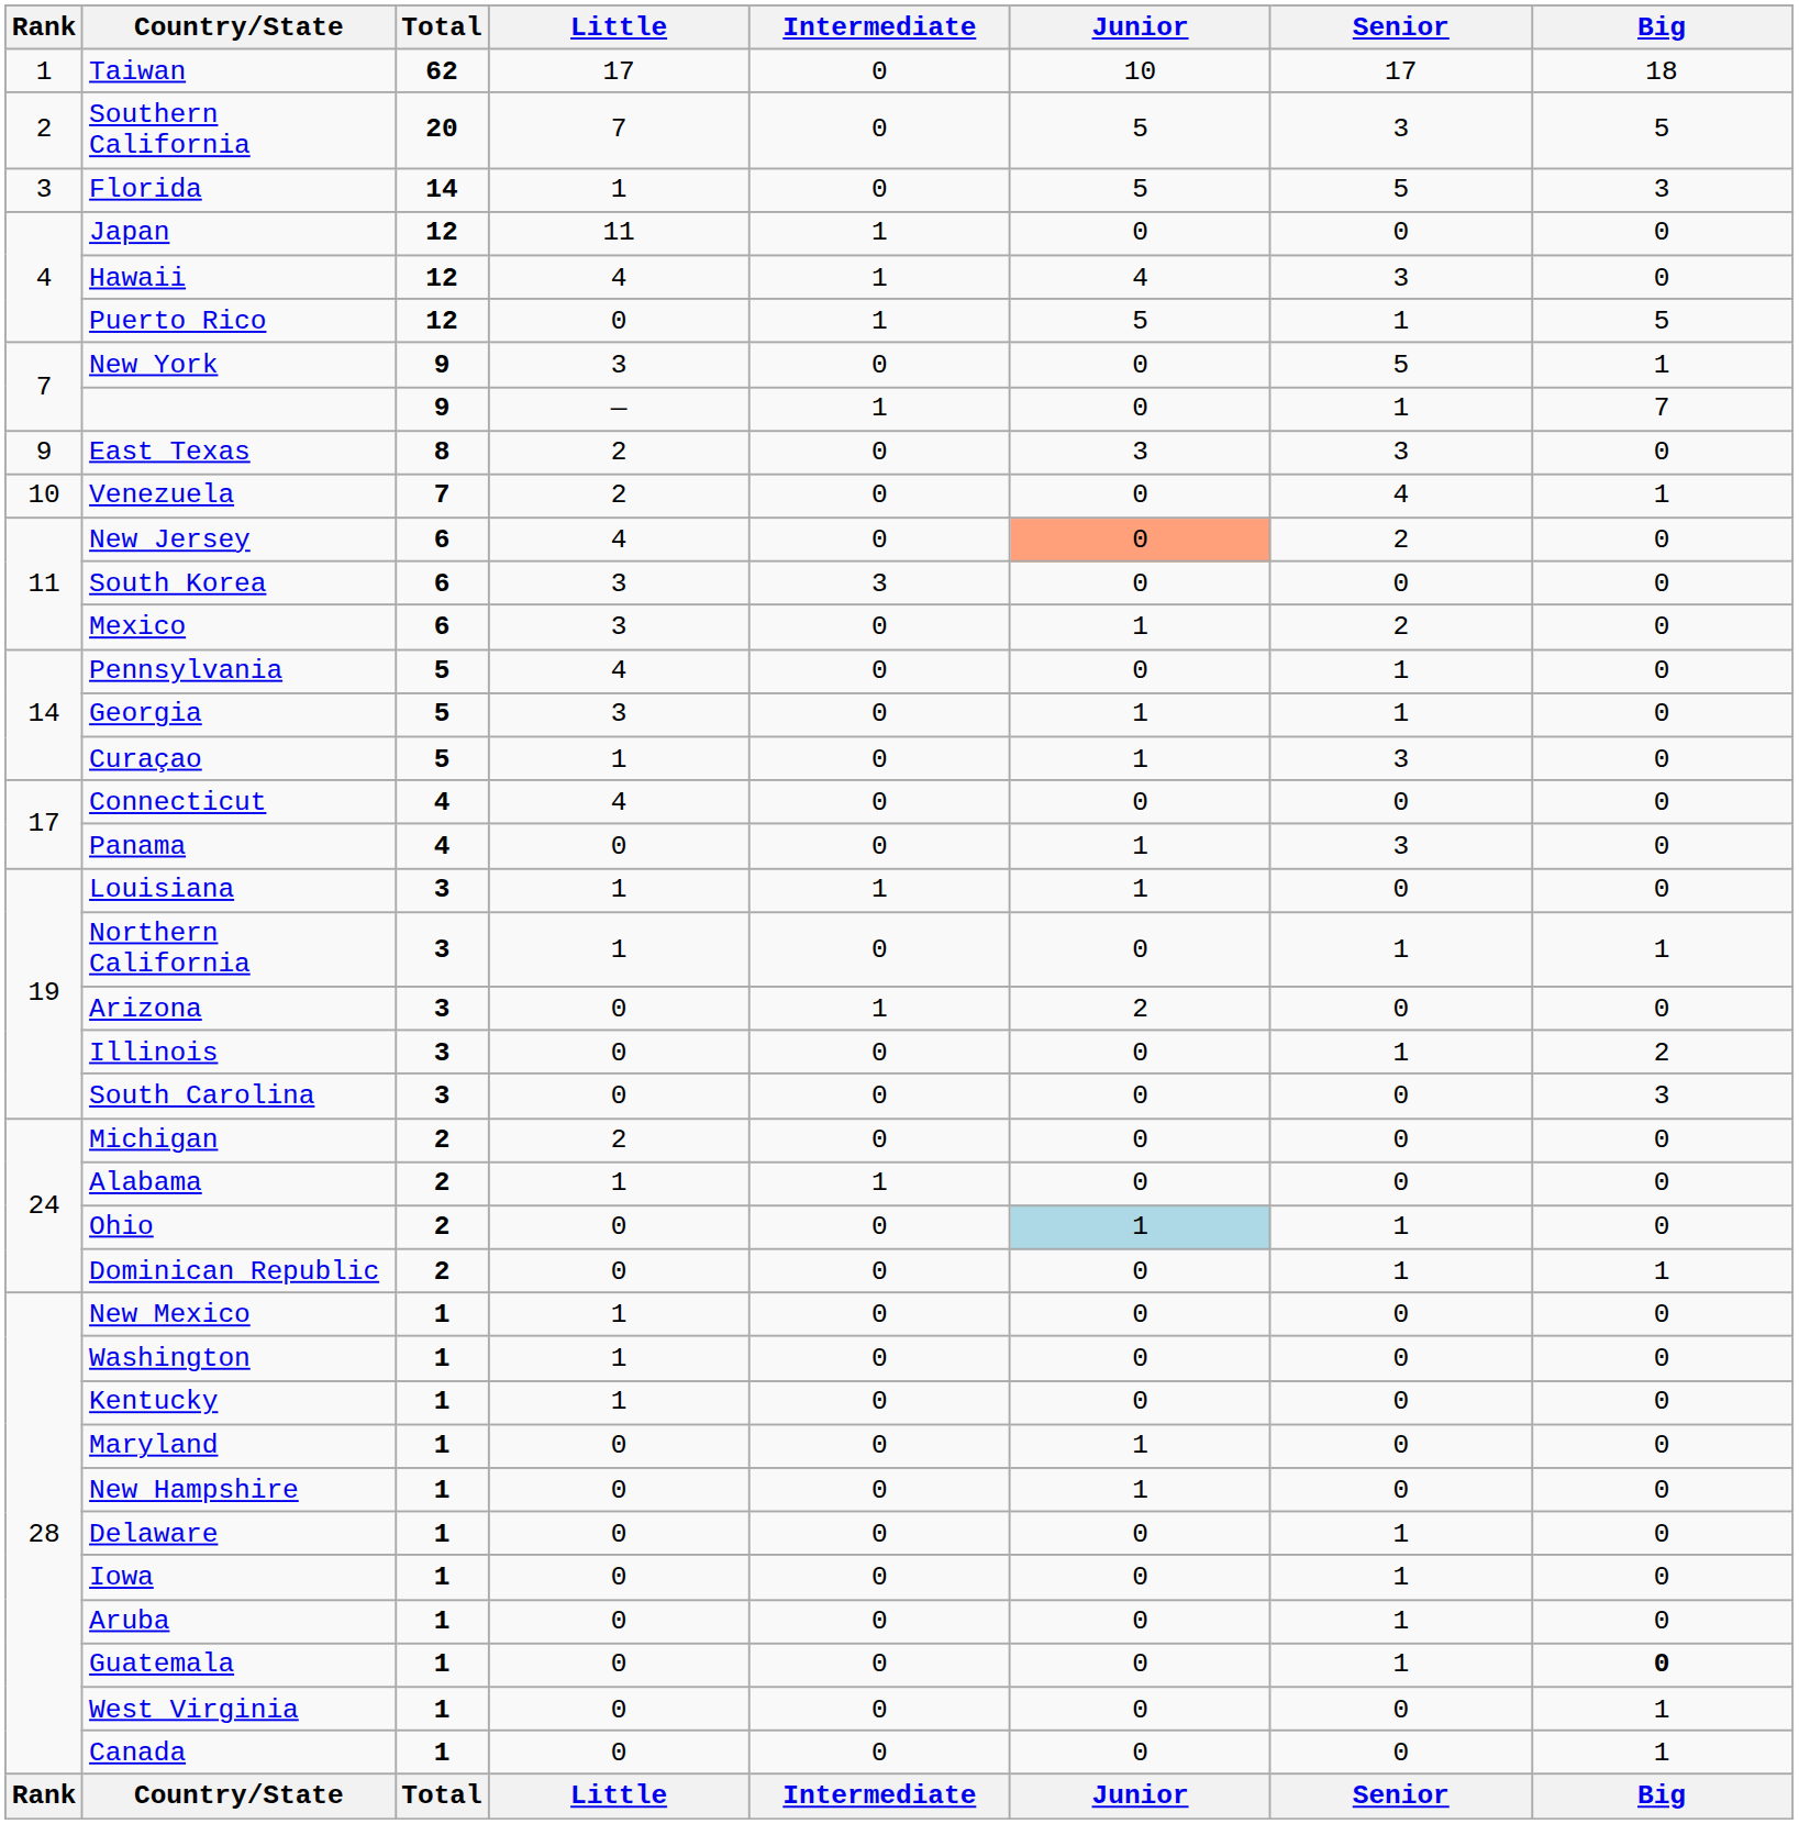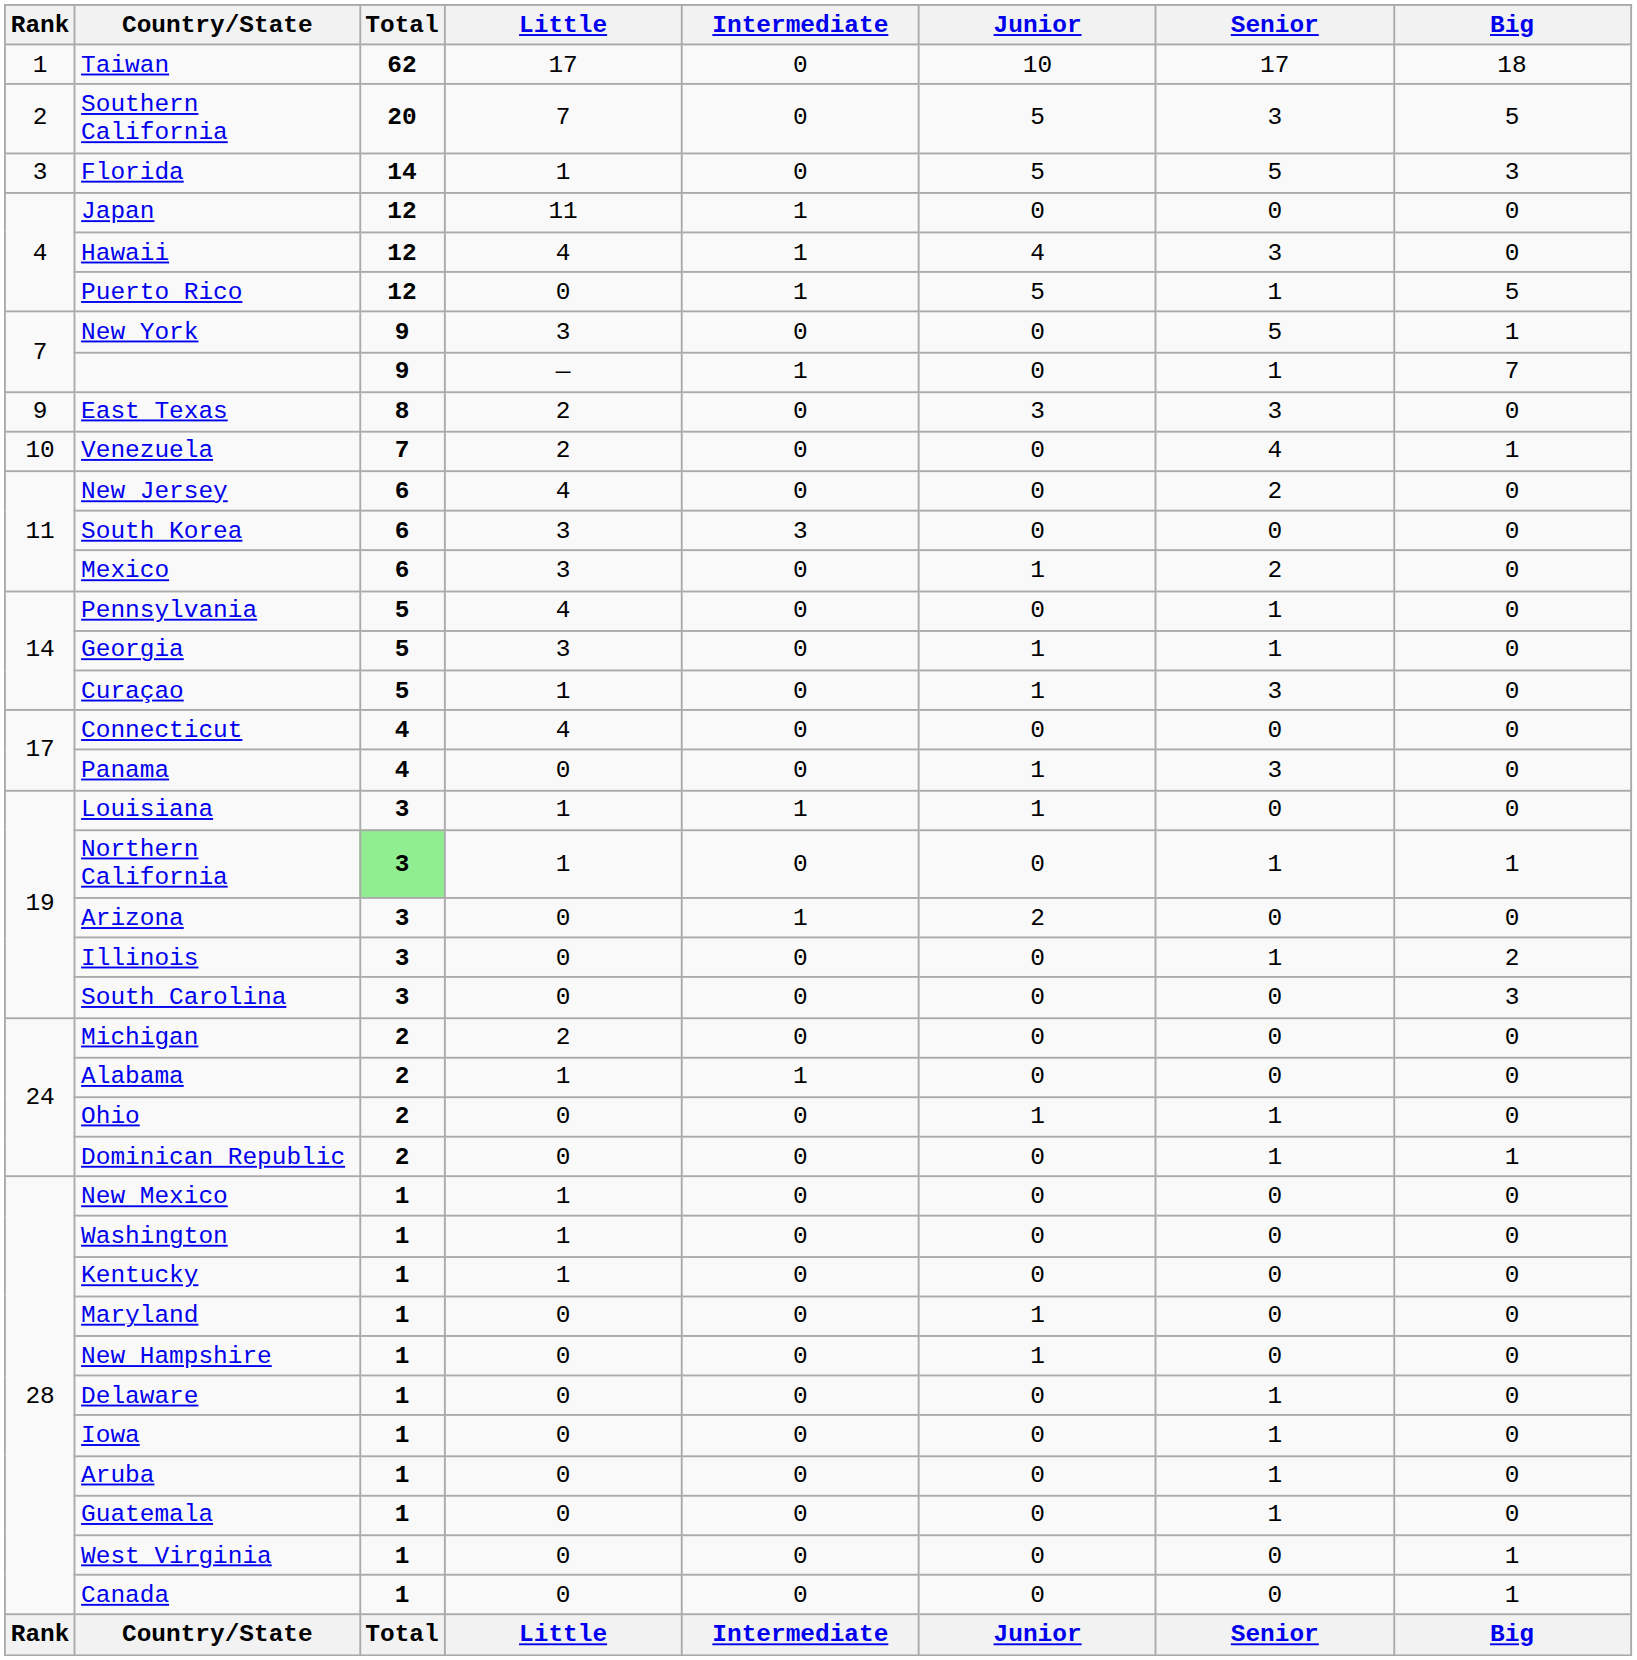 <table class="wikitable sortable" style="text-align:center">
 <tr>
 <th>Rank</th>
 <th width=145>Country/State</th>
 <th>Total</th>
 <th width=120><a href='#'>Little</a></th>
 <th width=120><a href='#'>Intermediate</a></th>
 <th width=120><a href='#'>Junior</a></th>
 <th width=120><a href='#'>Senior</a></th>
 <th width=120><a href='#'>Big</a></th>
 </tr>
 <tr>
 <td>1</td>
 <td align="left"> <a href='#'>Taiwan</a></td>
 <td><strong>62</strong></td>
 <td>17</td>
 <td>0</td>
 <td>10</td>
 <td>17</td>
 <td>18</td>
 </tr>
 <tr>
 <td>2</td>
 <td align="left"> <a href='#'>Southern California</a></td>
 <td><strong>20</strong></td>
 <td>7</td>
 <td>0</td>
 <td>5</td>
 <td>3</td>
 <td>5</td>
 </tr>
 <tr>
 <td>3</td>
 <td align="left"> <a href='#'>Florida</a></td>
 <td><strong>14</strong></td>
 <td>1</td>
 <td>0</td>
 <td>5</td>
 <td>5</td>
 <td>3</td>
 </tr>
 <tr>
 <td rowspan=3>4</td>
 <td align="left"> <a href='#'>Japan</a></td>
 <td><strong>12</strong></td>
 <td>11</td>
 <td>1</td>
 <td>0</td>
 <td>0</td>
 <td>0</td>
 </tr>
 <tr>
 <td align="left"> <a href='#'>Hawaii</a></td>
 <td><strong>12</strong></td>
 <td>4</td>
 <td>1</td>
 <td>4</td>
 <td>3</td>
 <td>0</td>
 </tr>
 <tr>
 <td align="left"> <a href='#'>Puerto Rico</a></td>
 <td><strong>12</strong></td>
 <td>0</td>
 <td>1</td>
 <td>5</td>
 <td>1</td>
 <td>5</td>
 </tr>
 <tr>
 <td rowspan=2>7</td>
 <td align="left"> <a href='#'>New York</a></td>
 <td><strong>9</strong></td>
 <td>3</td>
 <td>0</td>
 <td>0</td>
 <td>5</td>
 <td>1</td>
 </tr>
 <tr>
 <td align="left"></td>
 <td><strong>9</strong></td>
 <td>—</td>
 <td>1</td>
 <td>0</td>
 <td>1</td>
 <td>7</td>
 </tr>
 <tr>
 <td>9</td>
 <td align="left"> <a href='#'>East Texas</a></td>
 <td><strong>8</strong></td>
 <td>2</td>
 <td>0</td>
 <td>3</td>
 <td>3</td>
 <td>0</td>
 </tr>
 <tr>
 <td>10</td>
 <td align="left"> <a href='#'>Venezuela</a></td>
 <td><strong>7</strong></td>
 <td>2</td>
 <td>0</td>
 <td>0</td>
 <td>4</td>
 <td>1</td>
 </tr>
 <tr>
 <td rowspan=3>11</td>
 <td align="left"> <a href='#'>New Jersey</a></td>
 <td><strong>6</strong></td>
 <td>4</td>
 <td>0</td>
-<td style="background: lightsalmon;">0</td>
+<td>0</td>
 <td>2</td>
 <td>0</td>
 </tr>
 <tr>
 <td align="left"> <a href='#'>South Korea</a></td>
 <td><strong>6</strong></td>
 <td>3</td>
 <td>3</td>
 <td>0</td>
 <td>0</td>
 <td>0</td>
 </tr>
 <tr>
 <td align="left"> <a href='#'>Mexico</a></td>
 <td><strong>6</strong></td>
 <td>3</td>
 <td>0</td>
 <td>1</td>
 <td>2</td>
 <td>0</td>
 </tr>
 <tr>
 <td rowspan=3>14</td>
 <td align="left"> <a href='#'>Pennsylvania</a></td>
 <td><strong>5</strong></td>
 <td>4</td>
 <td>0</td>
 <td>0</td>
 <td>1</td>
 <td>0</td>
 </tr>
 <tr>
 <td align="left"> <a href='#'>Georgia</a></td>
 <td><strong>5</strong></td>
 <td>3</td>
 <td>0</td>
 <td>1</td>
 <td>1</td>
 <td>0</td>
 </tr>
 <tr>
 <td align="left"> <a href='#'>Curaçao</a></td>
 <td><strong>5</strong></td>
 <td>1</td>
 <td>0</td>
 <td>1</td>
 <td>3</td>
 <td>0</td>
 </tr>
 <tr>
 <td rowspan=2>17</td>
 <td align="left"> <a href='#'>Connecticut</a></td>
 <td><strong>4</strong></td>
 <td>4</td>
 <td>0</td>
 <td>0</td>
 <td>0</td>
 <td>0</td>
 </tr>
 <tr>
 <td align="left"> <a href='#'>Panama</a></td>
 <td><strong>4</strong></td>
 <td>0</td>
 <td>0</td>
 <td>1</td>
 <td>3</td>
 <td>0</td>
 </tr>
 <tr>
 <td rowspan=5>19</td>
 <td align="left"> <a href='#'>Louisiana</a></td>
 <td><strong>3</strong></td>
 <td>1</td>
 <td>1</td>
 <td>1</td>
 <td>0</td>
 <td>0</td>
 </tr>
 <tr>
 <td align="left"> <a href='#'>Northern California</a></td>
-<td><strong>3</strong></td>
+<td style="background: lightgreen;"><strong>3</strong></td>
 <td>1</td>
 <td>0</td>
 <td>0</td>
 <td>1</td>
 <td>1</td>
 </tr>
 <tr>
 <td align="left"> <a href='#'>Arizona</a></td>
 <td><strong>3</strong></td>
 <td>0</td>
 <td>1</td>
 <td>2</td>
 <td>0</td>
 <td>0</td>
 </tr>
 <tr>
 <td align="left"> <a href='#'>Illinois</a></td>
 <td><strong>3</strong></td>
 <td>0</td>
 <td>0</td>
 <td>0</td>
 <td>1</td>
 <td>2</td>
 </tr>
 <tr>
 <td align="left"> <a href='#'>South Carolina</a></td>
 <td><strong>3</strong></td>
 <td>0</td>
 <td>0</td>
 <td>0</td>
 <td>0</td>
 <td>3</td>
 </tr>
 <tr>
 <td rowspan=4>24</td>
 <td align="left"> <a href='#'>Michigan</a></td>
 <td><strong>2</strong></td>
 <td>2</td>
 <td>0</td>
 <td>0</td>
 <td>0</td>
 <td>0</td>
 </tr>
 <tr>
 <td align="left"> <a href='#'>Alabama</a></td>
 <td><strong>2</strong></td>
 <td>1</td>
 <td>1</td>
 <td>0</td>
 <td>0</td>
 <td>0</td>
 </tr>
 <tr>
 <td align="left"> <a href='#'>Ohio</a></td>
 <td><strong>2</strong></td>
 <td>0</td>
 <td>0</td>
-<td style="background: lightblue;">1</td>
+<td>1</td>
 <td>1</td>
 <td>0</td>
 </tr>
 <tr>
 <td align="left"> <a href='#'>Dominican Republic</a></td>
 <td><strong>2</strong></td>
 <td>0</td>
 <td>0</td>
 <td>0</td>
 <td>1</td>
 <td>1</td>
 </tr>
 <tr>
 <td rowspan=11>28</td>
 <td align="left"> <a href='#'>New Mexico</a></td>
 <td><strong>1</strong></td>
 <td>1</td>
 <td>0</td>
 <td>0</td>
 <td>0</td>
 <td>0</td>
 </tr>
 <tr>
 <td align="left"> <a href='#'>Washington</a></td>
 <td><strong>1</strong></td>
 <td>1</td>
 <td>0</td>
 <td>0</td>
 <td>0</td>
 <td>0</td>
 </tr>
 <tr>
 <td align="left"> <a href='#'>Kentucky</a></td>
 <td><strong>1</strong></td>
 <td>1</td>
 <td>0</td>
 <td>0</td>
 <td>0</td>
 <td>0</td>
 </tr>
 <tr>
 <td align="left"> <a href='#'>Maryland</a></td>
 <td><strong>1</strong></td>
 <td>0</td>
 <td>0</td>
 <td>1</td>
 <td>0</td>
 <td>0</td>
 </tr>
 <tr>
 <td align="left"> <a href='#'>New Hampshire</a></td>
 <td><strong>1</strong></td>
 <td>0</td>
 <td>0</td>
 <td>1</td>
 <td>0</td>
 <td>0</td>
 </tr>
 <tr>
 <td align="left"> <a href='#'>Delaware</a></td>
 <td><strong>1</strong></td>
 <td>0</td>
 <td>0</td>
 <td>0</td>
 <td>1</td>
 <td>0</td>
 </tr>
 <tr>
 <td align="left"> <a href='#'>Iowa</a></td>
 <td><strong>1</strong></td>
 <td>0</td>
 <td>0</td>
 <td>0</td>
 <td>1</td>
 <td>0</td>
 </tr>
 <tr>
 <td align="left"> <a href='#'>Aruba</a></td>
 <td><strong>1</strong></td>
 <td>0</td>
 <td>0</td>
 <td>0</td>
 <td>1</td>
 <td>0</td>
 </tr>
 <tr>
 <td align="left"> <a href='#'>Guatemala</a></td>
 <td><strong>1</strong></td>
 <td>0</td>
 <td>0</td>
 <td>0</td>
 <td>1</td>
-<td><strong>0</strong></td>
+<td>0</td>
 </tr>
 <tr>
 <td align="left"> <a href='#'>West Virginia</a></td>
 <td><strong>1</strong></td>
 <td>0</td>
 <td>0</td>
 <td>0</td>
 <td>0</td>
 <td>1</td>
 </tr>
 <tr>
 <td align="left"> <a href='#'>Canada</a></td>
 <td><strong>1</strong></td>
 <td>0</td>
 <td>0</td>
 <td>0</td>
 <td>0</td>
 <td>1</td>
 </tr>
 <tr>
 <th>Rank</th>
 <th width=145>Country/State</th>
 <th>Total</th>
 <th width=120><a href='#'>Little</a></th>
 <th width=120><a href='#'>Intermediate</a></th>
 <th width=120><a href='#'>Junior</a></th>
 <th width=120><a href='#'>Senior</a></th>
 <th width=120><a href='#'>Big</a></th>
 </tr>
 <tr>
 </tr>
 </table>
